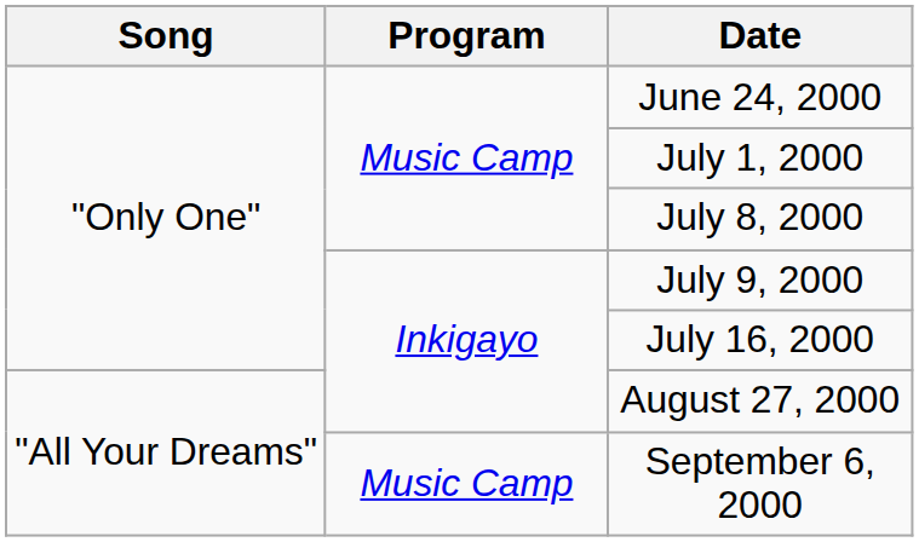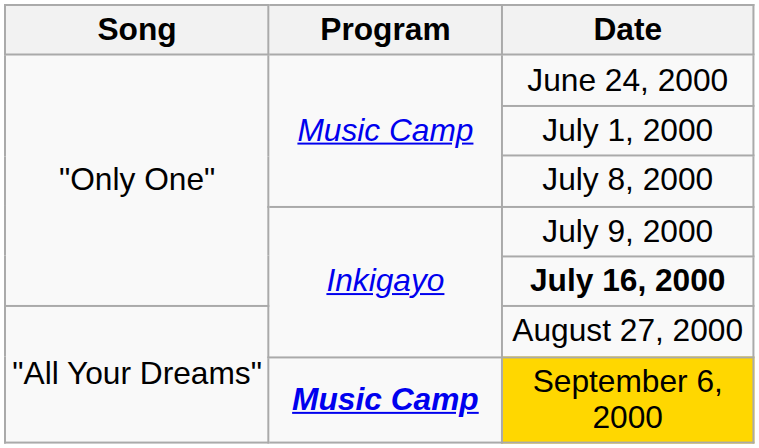 <table class="wikitable sortable plainrowheaders" style="text-align:center">
 <tr>
 <th>Song</th>
 <th width="110">Program</th>
 <th width="120">Date</th>
 </tr>
 <tr>
 <td rowspan="5">"Only One"</td>
 <td rowspan="3"><em><a href='#'>Music Camp</a></em></td>
 <td>June 24, 2000</td>
 </tr>
 <tr>
 <td>July 1, 2000</td>
 </tr>
 <tr>
 <td>July 8, 2000</td>
 </tr>
 <tr>
 <td rowspan="3"><em><a href='#'>Inkigayo</a></em></td>
 <td>July 9, 2000</td>
 </tr>
 <tr>
-<td>July 16, 2000</td>
+<td><strong>July 16, 2000</strong></td>
 </tr>
 <tr>
 <td rowspan="2">"All Your Dreams"</td>
 <td>August 27, 2000</td>
 </tr>
 <tr>
-<td><em><a href='#'>Music Camp</a></em></td>
-<td>September 6, 2000</td>
+<td><strong><em><a href='#'>Music Camp</a></em></strong></td>
+<td style="background: gold;">September 6, 2000</td>
 </tr>
 </table>
